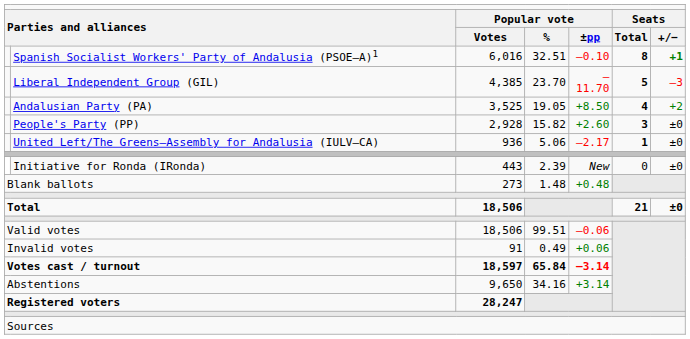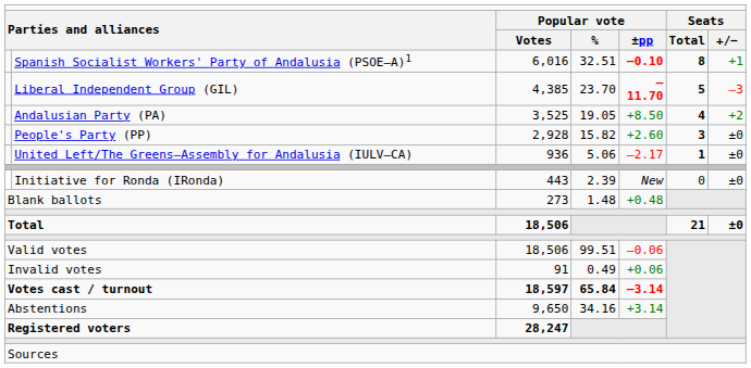 <table class="wikitable" style="text-align:right;">
 <tr>
 <td colspan="7"></td>
 </tr>
 <tr>
 <th style="text-align:left;" rowspan="2" colspan="2" width="525">Parties and alliances</th>
 <th colspan="3">Popular vote</th>
 <th colspan="2">Seats</th>
 </tr>
 <tr>
 <th width="75">Votes</th>
 <th width="45">%</th>
 <th width="45">±<a href='#'>pp</a></th>
 <th width="35">Total</th>
 <th width="35">+/−</th>
 </tr>
 <tr>
 <td width="1" style="color:inherit;background:"></td>
 <td align="left"><a href='#'>Spanish Socialist Workers' Party of Andalusia</a> (PSOE–A)<sup>1</sup></td>
 <td>6,016</td>
 <td>32.51</td>
-<td style="color:red;">–0.10</td>
+<td style="color:red;"><strong>–0.10</strong></td>
 <td><strong>8</strong></td>
-<td style="color:green;"><strong>+1</strong></td>
+<td style="color:green;">+1</td>
 </tr>
 <tr>
 <td style="color:inherit;background:"></td>
 <td align="left"><a href='#'>Liberal Independent Group</a> (GIL)</td>
 <td>4,385</td>
 <td>23.70</td>
-<td style="color:red;">–11.70</td>
+<td style="color:red;"><strong>–11.70</strong></td>
 <td><strong>5</strong></td>
 <td style="color:red;">–3</td>
 </tr>
 <tr>
 <td style="color:inherit;background:"></td>
 <td align="left"><a href='#'>Andalusian Party</a> (PA)</td>
 <td>3,525</td>
 <td>19.05</td>
 <td style="color:green;">+8.50</td>
 <td><strong>4</strong></td>
 <td style="color:green;">+2</td>
 </tr>
 <tr>
 <td style="color:inherit;background:"></td>
 <td align="left"><a href='#'>People's Party</a> (PP)</td>
 <td>2,928</td>
 <td>15.82</td>
 <td style="color:green;">+2.60</td>
 <td><strong>3</strong></td>
 <td>±0</td>
 </tr>
 <tr>
 <td style="color:inherit;background:"></td>
 <td align="left"><a href='#'>United Left/The Greens–Assembly for Andalusia</a> (IULV–CA)</td>
 <td>936</td>
 <td>5.06</td>
 <td style="color:red;">–2.17</td>
 <td><strong>1</strong></td>
 <td>±0</td>
 </tr>
 <tr>
 <td colspan="7" bgcolor="#C0C0C0"></td>
 </tr>
 <tr>
 <td bgcolor="white"></td>
 <td align="left">Initiative for Ronda (IRonda)</td>
 <td>443</td>
 <td>2.39</td>
 <td><em>New</em></td>
 <td>0</td>
 <td>±0</td>
 </tr>
 <tr>
 <td align="left" colspan="2">Blank ballots</td>
 <td>273</td>
 <td>1.48</td>
 <td style="color:green;">+0.48</td>
 <td bgcolor="#E9E9E9" colspan="2"></td>
 </tr>
 <tr>
 <td colspan="7" bgcolor="#E9E9E9"></td>
 </tr>
 <tr style="font-weight:bold;">
 <td align="left" colspan="2">Total</td>
 <td>18,506</td>
 <td bgcolor="#E9E9E9" colspan="2"></td>
 <td>21</td>
 <td>±0</td>
 </tr>
 <tr>
 <td colspan="7" bgcolor="#E9E9E9"></td>
 </tr>
 <tr>
 <td align="left" colspan="2">Valid votes</td>
 <td>18,506</td>
 <td>99.51</td>
 <td style="color:red;">–0.06</td>
 <td bgcolor="#E9E9E9" colspan="2" rowspan="5"></td>
 </tr>
 <tr>
 <td align="left" colspan="2">Invalid votes</td>
 <td>91</td>
 <td>0.49</td>
 <td style="color:green;">+0.06</td>
 </tr>
 <tr style="font-weight:bold;">
 <td align="left" colspan="2">Votes cast / turnout</td>
 <td>18,597</td>
 <td>65.84</td>
 <td style="color:red;">–3.14</td>
 </tr>
 <tr>
 <td align="left" colspan="2">Abstentions</td>
 <td>9,650</td>
 <td>34.16</td>
 <td style="color:green;">+3.14</td>
 </tr>
 <tr style="font-weight:bold;">
 <td align="left" colspan="2">Registered voters</td>
 <td>28,247</td>
 <td bgcolor="#E9E9E9" colspan="2"></td>
 </tr>
 <tr>
 <td colspan="7" bgcolor="#E9E9E9"></td>
 </tr>
 <tr>
 <td align="left" colspan="7">Sources</td>
 </tr>
 </table>
